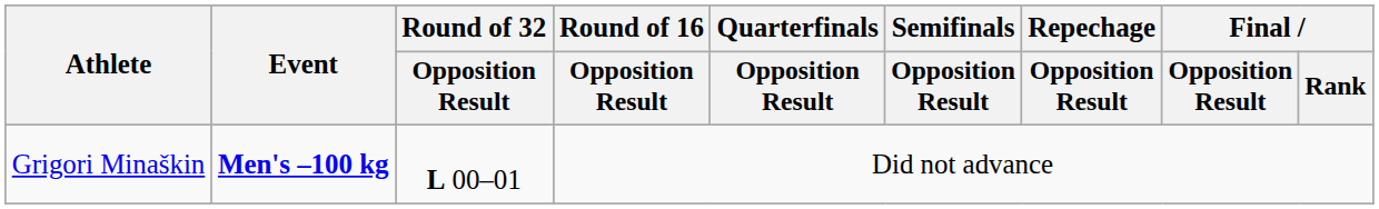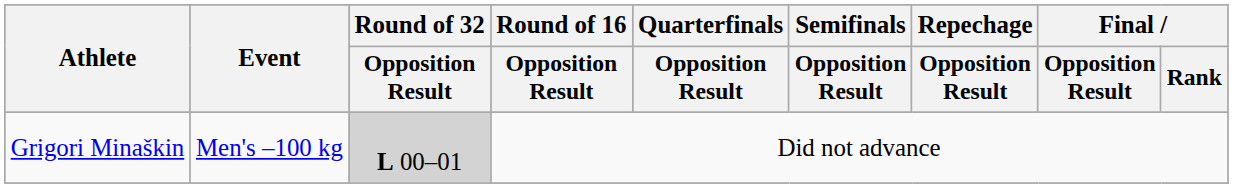 <table class="wikitable" style="font-size:90%">
 <tr>
 <th rowspan="2">Athlete</th>
 <th rowspan="2">Event</th>
 <th>Round of 32</th>
 <th>Round of 16</th>
 <th>Quarterfinals</th>
 <th>Semifinals</th>
 <th>Repechage</th>
 <th colspan=2>Final / </th>
 </tr>
 <tr style="font-size:95%">
 <th>Opposition<br>Result</th>
 <th>Opposition<br>Result</th>
 <th>Opposition<br>Result</th>
 <th>Opposition<br>Result</th>
 <th>Opposition<br>Result</th>
 <th>Opposition<br>Result</th>
 <th>Rank</th>
 </tr>
 <tr align=center>
 <td align=left><a href='#'>Grigori Minaškin</a></td>
-<td align=left><strong><a href='#'>Men's –100 kg</a></strong></td>
-<td><br><strong>L</strong> 00–01</td>
+<td align=left><a href='#'>Men's –100 kg</a></td>
+<td style="background: lightgrey;"><br><strong>L</strong> 00–01</td>
 <td colspan=6>Did not advance</td>
 </tr>
 </table>
